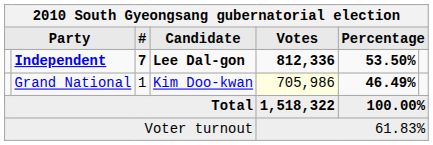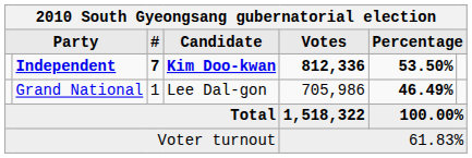 <table class="wikitable">
 <tr>
 <th colspan="7">2010 South Gyeongsang gubernatorial election</th>
 </tr>
 <tr>
 <th style="background-color:#E9E9E9" colspan=2>Party</th>
 <th style="background-color:#E9E9E9">#</th>
 <th style="background-color:#E9E9E9">Candidate</th>
 <th style="background-color:#E9E9E9">Votes</th>
 <th style="background-color:#E9E9E9" colspan=2>Percentage</th>
 </tr>
 <tr style="font-weight:bold">
 <td></td>
 <td align=left><a href='#'>Independent</a></td>
 <td align=center>7</td>
-<td align=left>Lee Dal-gon</td>
+<td align=left><a href='#'>Kim Doo-kwan</a></td>
 <td align=right>812,336</td>
 <td align=right>53.50%</td>
 <td align=right></td>
 </tr>
 <tr>
 <td></td>
 <td align=left><a href='#'>Grand National</a></td>
 <td align=center>1</td>
-<td align=left><a href='#'>Kim Doo-kwan</a></td>
-<td align=right style="background: lightyellow;">705,986</td>
+<td align=left>Lee Dal-gon</td>
+<td align=right>705,986</td>
 <td align=right><strong>46.49%</strong></td>
 <td align=right></td>
 </tr>
 <tr bgcolor="#EEEEEE" style="font-weight:bold">
 <td colspan="4" align=right>Total</td>
 <td align=right>1,518,322</td>
 <td align=right colspan=2>100.00%</td>
 </tr>
 <tr bgcolor="#EEEEEE">
 <td colspan="4" align="right">Voter turnout</td>
 <td colspan="3" align="right">61.83%</td>
 </tr>
 </table>
